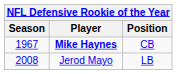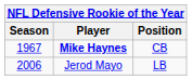 <table class="wikitable sortable" style="text-align:center">
 <tr>
 <th colspan="3"><a href='#'><span><u>NFL Defensive Rookie of the Year</u></span></a></th>
 </tr>
 <tr>
 <th>Season</th>
 <th>Player</th>
 <th>Position</th>
 </tr>
 <tr>
 <td><a href='#'>1967</a></td>
 <td><strong><a href='#'>Mike Haynes</a></strong></td>
 <td><a href='#'>CB</a></td>
 </tr>
 <tr>
-<td><a href='#'>2008</a></td>
+<td><a href='#'>2006</a></td>
 <td><a href='#'>Jerod Mayo</a></td>
 <td><a href='#'>LB</a></td>
 </tr>
 </table>
